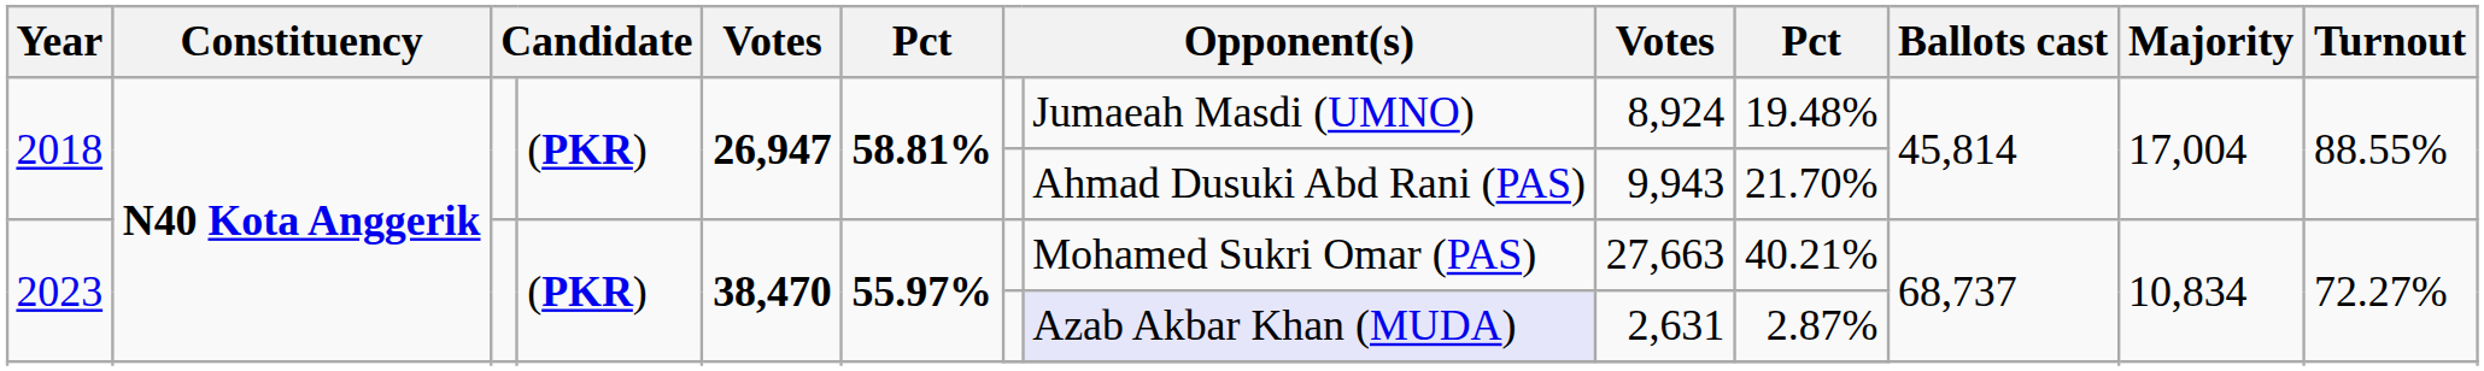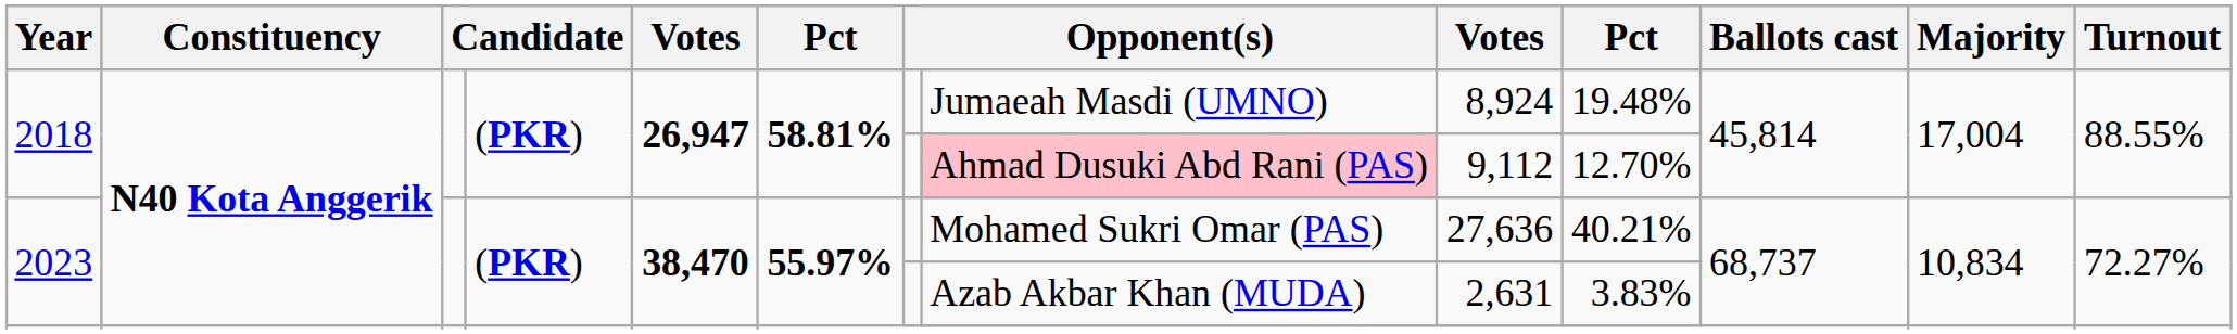 <table class="wikitable" style="margin:0.5em ; font-size:95%">
 <tr>
 <th>Year</th>
 <th>Constituency</th>
 <th colspan=2>Candidate</th>
 <th>Votes</th>
 <th>Pct</th>
 <th colspan=2>Opponent(s)</th>
 <th>Votes</th>
 <th>Pct</th>
 <th>Ballots cast</th>
 <th>Majority</th>
 <th>Turnout</th>
 </tr>
 <tr>
 <td rowspan=2><a href='#'>2018</a></td>
 <td rowspan=5><strong>N40 <a href='#'>Kota Anggerik</a></strong></td>
 <td rowspan=2 ></td>
 <td rowspan=2> (<a href='#'><strong>PKR</strong></a>)</td>
 <td rowspan=2 align="right"><strong>26,947</strong></td>
 <td rowspan=2><strong>58.81%</strong></td>
 <td></td>
 <td>Jumaeah Masdi (<a href='#'>UMNO</a>)</td>
 <td align="right">8,924</td>
 <td>19.48%</td>
 <td rowspan=2>45,814</td>
 <td rowspan=2>17,004</td>
 <td rowspan=2>88.55%</td>
 </tr>
 <tr>
 <td></td>
-<td>Ahmad Dusuki Abd Rani (<a href='#'>PAS</a>)</td>
-<td align="right">9,943</td>
-<td>21.70%</td>
+<td style="background: pink;">Ahmad Dusuki Abd Rani (<a href='#'>PAS</a>)</td>
+<td align="right">9,112</td>
+<td>12.70%</td>
 </tr>
 <tr>
 <td rowspan=3><a href='#'>2023</a></td>
 <td rowspan=3 ></td>
 <td rowspan=3> (<a href='#'><strong>PKR</strong></a>)</td>
 <td rowspan=3 align="right"><strong>38,470</strong></td>
 <td rowspan=3><strong>55.97%</strong></td>
 <td bgcolor=></td>
 <td>Mohamed Sukri Omar (<a href='#'>PAS</a>)</td>
-<td align="right">27,663</td>
+<td align="right">27,636</td>
 <td>40.21%</td>
 <td rowspan="3">68,737</td>
 <td rowspan="3">10,834</td>
 <td rowspan="3">72.27%</td>
 </tr>
 <tr>
 <td bgcolor=></td>
-<td style="background: lavender;">Azab Akbar Khan (<a href='#'>MUDA</a>)</td>
+<td>Azab Akbar Khan (<a href='#'>MUDA</a>)</td>
 <td align="right">2,631</td>
-<td align="right">2.87%</td>
+<td align="right">3.83%</td>
 </tr>
 <tr>
 </tr>
 </table>
